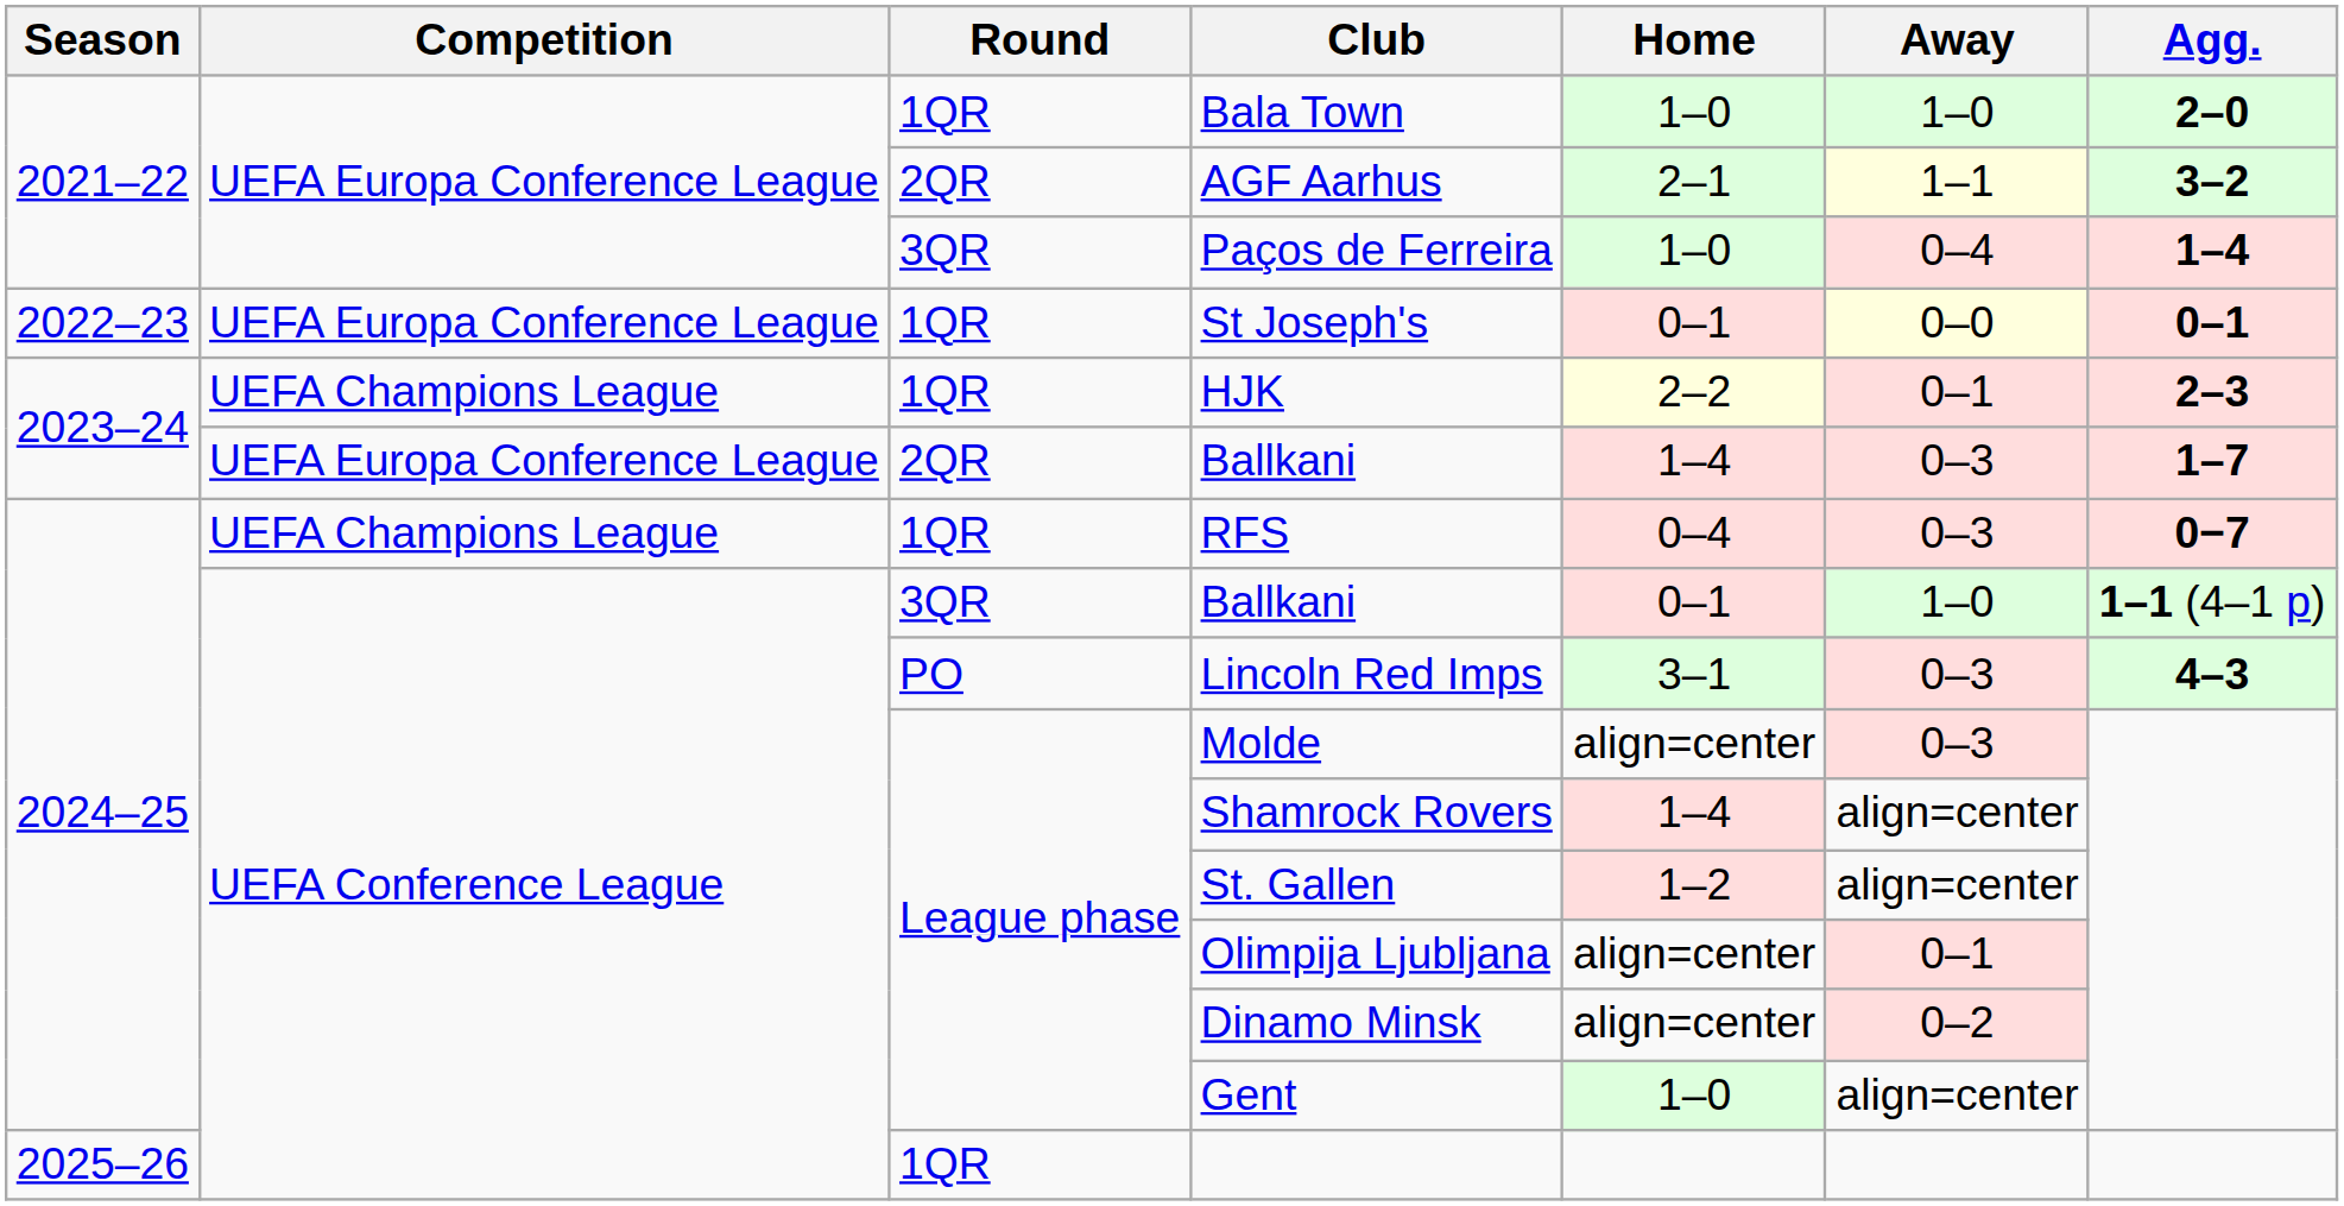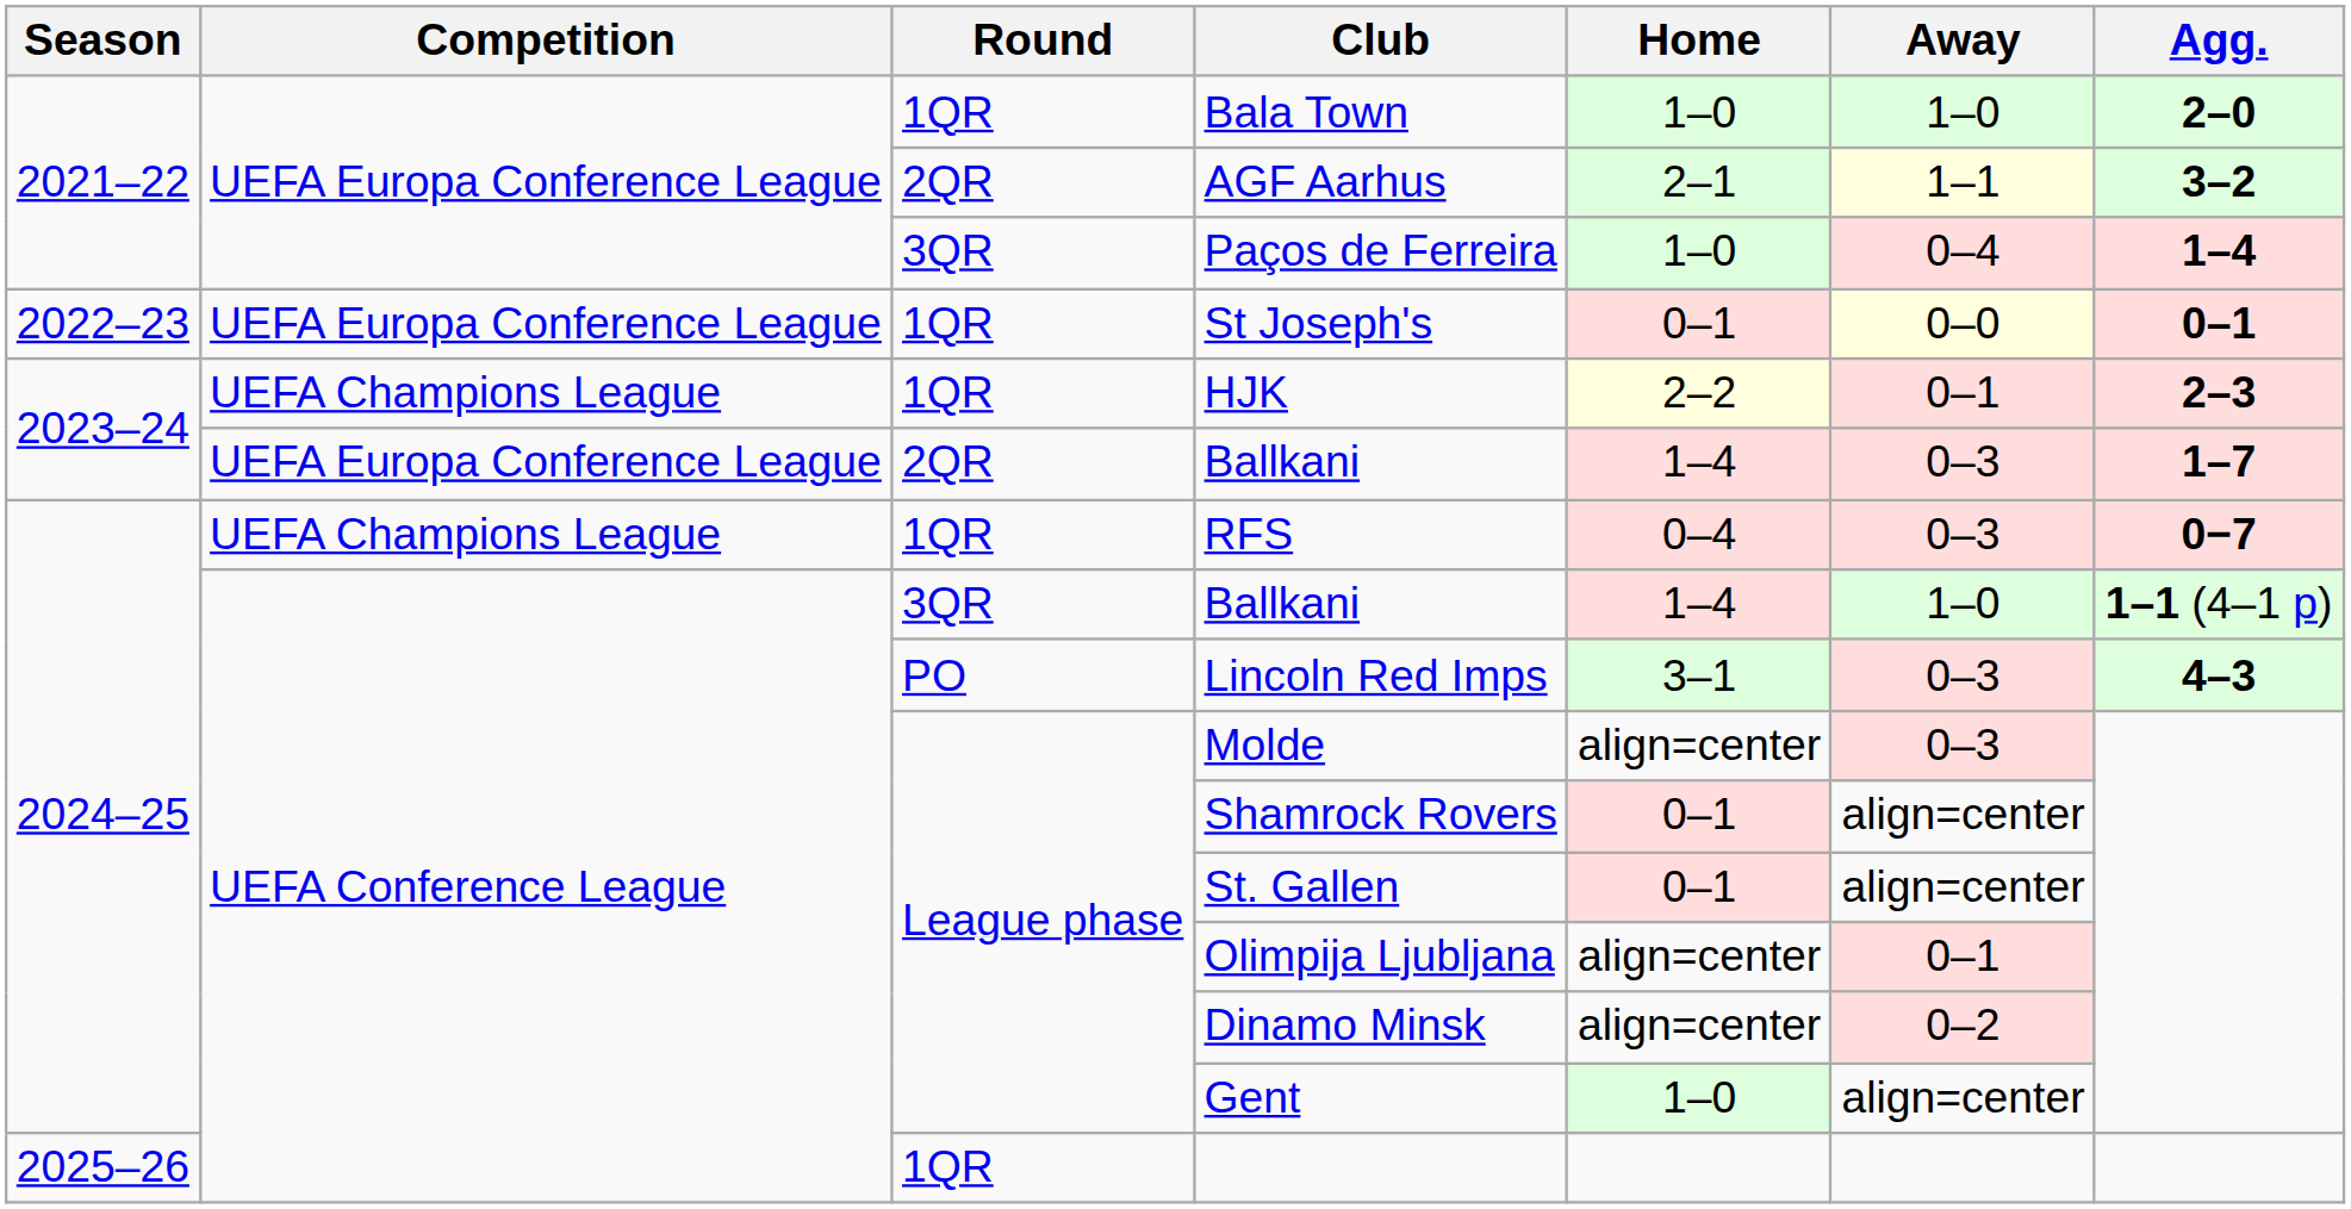 <table class="wikitable">
 <tr>
 <th>Season</th>
 <th>Competition</th>
 <th>Round</th>
 <th>Club</th>
 <th>Home</th>
 <th>Away</th>
 <th><a href='#'>Agg.</a></th>
 </tr>
 <tr>
 <td rowspan=3><a href='#'>2021–22</a></td>
 <td rowspan=3><a href='#'>UEFA Europa Conference League</a></td>
 <td><a href='#'>1QR</a></td>
 <td> <a href='#'>Bala Town</a></td>
 <td bgcolor="#ddffdd" style="text-align:center;">1–0</td>
 <td bgcolor="#ddffdd" style="text-align:center;">1–0</td>
 <td bgcolor="#ddffdd" style="text-align:center;"><strong>2–0</strong></td>
 </tr>
 <tr>
 <td><a href='#'>2QR</a></td>
 <td> <a href='#'>AGF Aarhus</a></td>
 <td bgcolor="#ddffdd" style="text-align:center;">2–1</td>
 <td bgcolor="#ffffdd" style="text-align:center;">1–1</td>
 <td bgcolor="#ddffdd" style="text-align:center;"><strong>3–2</strong></td>
 </tr>
 <tr>
 <td><a href='#'>3QR</a></td>
 <td> <a href='#'>Paços de Ferreira</a></td>
 <td bgcolor="#ddffdd" style="text-align:center;">1–0</td>
 <td bgcolor="#ffdddd" style="text-align:center;">0–4</td>
 <td bgcolor="#ffdddd" style="text-align:center;"><strong>1–4</strong></td>
 </tr>
 <tr>
 <td><a href='#'>2022–23</a></td>
 <td><a href='#'>UEFA Europa Conference League</a></td>
 <td><a href='#'>1QR</a></td>
 <td> <a href='#'>St Joseph's</a></td>
 <td bgcolor="#ffdddd" style="text-align:center;">0–1</td>
 <td bgcolor="#ffffdd" style="text-align:center;">0–0</td>
 <td bgcolor="#ffdddd" style="text-align:center;"><strong>0–1</strong></td>
 </tr>
 <tr>
 <td rowspan=2><a href='#'>2023–24</a></td>
 <td><a href='#'>UEFA Champions League</a></td>
 <td><a href='#'>1QR</a></td>
 <td> <a href='#'>HJK</a></td>
 <td bgcolor="#ffffdd" style="text-align:center;">2–2 </td>
 <td bgcolor="#ffdddd" style="text-align:center;">0–1</td>
 <td bgcolor="#ffdddd" style="text-align:center;"><strong>2–3</strong></td>
 </tr>
 <tr>
 <td><a href='#'>UEFA Europa Conference League</a></td>
 <td><a href='#'>2QR</a></td>
 <td> <a href='#'>Ballkani</a></td>
 <td bgcolor="#ffdddd" style="text-align:center;">1–4</td>
 <td bgcolor="#ffdddd" style="text-align:center;">0–3</td>
 <td bgcolor="#ffdddd" style="text-align:center;"><strong>1–7</strong></td>
 </tr>
 <tr>
 <td rowspan=9><a href='#'>2024–25</a></td>
 <td><a href='#'>UEFA Champions League</a></td>
 <td><a href='#'>1QR</a></td>
 <td> <a href='#'>RFS</a></td>
 <td bgcolor="#ffdddd" style="text-align:center;">0–4</td>
 <td bgcolor="#ffdddd" style="text-align:center;">0–3</td>
 <td bgcolor="#ffdddd" style="text-align:center;"><strong>0−7</strong></td>
 </tr>
 <tr>
 <td rowspan=9><a href='#'>UEFA Conference League</a></td>
 <td><a href='#'>3QR</a></td>
 <td> <a href='#'>Ballkani</a></td>
-<td bgcolor="#ffdddd" style="text-align:center;">0–1</td>
+<td bgcolor="#ffdddd" style="text-align:center;">1–4</td>
 <td bgcolor="#ddffdd" style="text-align:center;">1–0</td>
 <td bgcolor="#ddffdd" style="text-align:center;"><strong>1–1</strong> (4–1 <a href='#'>p</a>)</td>
 </tr>
 <tr>
 <td><a href='#'>PO</a></td>
 <td> <a href='#'>Lincoln Red Imps</a></td>
 <td bgcolor="#ddffdd" style="text-align:center;">3–1</td>
 <td bgcolor="#ffdddd" style="text-align:center;">0–3</td>
 <td bgcolor="#ddffdd" style="text-align:center;"><strong>4–3</strong></td>
 </tr>
 <tr>
 <td rowspan="6"><a href='#'>League phase</a></td>
 <td> <a href='#'>Molde</a></td>
 <td>align=center </td>
 <td bgcolor="#ffdddd" style="text-align:center;">0–3</td>
 <td rowspan="6" style="text-align:center;"></td>
 </tr>
 <tr>
 <td> <a href='#'>Shamrock Rovers</a></td>
-<td bgcolor="#ffdddd" style="text-align:center;">1–4</td>
+<td bgcolor="#ffdddd" style="text-align:center;">0–1</td>
 <td>align=center </td>
 </tr>
 <tr>
 <td> <a href='#'>St. Gallen</a></td>
-<td bgcolor="#ffdddd" style="text-align:center;">1–2</td>
+<td bgcolor="#ffdddd" style="text-align:center;">0–1</td>
 <td>align=center </td>
 </tr>
 <tr>
 <td> <a href='#'>Olimpija Ljubljana</a></td>
 <td>align=center </td>
 <td bgcolor="#ffdddd" style="text-align:center;">0–1</td>
 </tr>
 <tr>
 <td> <a href='#'>Dinamo Minsk</a></td>
 <td>align=center </td>
 <td bgcolor="#ffdddd" style="text-align:center;">0–2</td>
 </tr>
 <tr>
 <td> <a href='#'>Gent</a></td>
 <td bgcolor="#ddffdd" style="text-align:center;">1–0</td>
 <td>align=center </td>
 </tr>
 <tr>
 <td><a href='#'>2025–26</a></td>
 <td><a href='#'>1QR</a></td>
 <td></td>
 <td></td>
 <td></td>
 </tr>
 </table>
